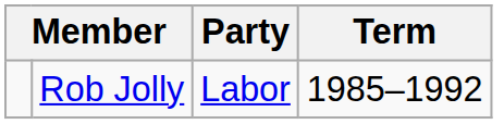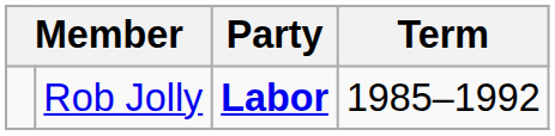 <table class="wikitable">
 <tr>
 <th colspan="2">Member</th>
 <th>Party</th>
 <th>Term</th>
 </tr>
 <tr>
 <td> </td>
 <td><a href='#'>Rob Jolly</a></td>
-<td><a href='#'>Labor</a></td>
+<td><strong><a href='#'>Labor</a></strong></td>
 <td>1985–1992</td>
 </tr>
 </table>
